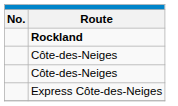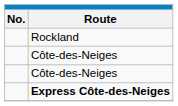 <table align=center class="wikitable">
 <tr>
 <th style="background: #0085CA; font-size:100%; color:#FFFFFF;"colspan="4"><a href='#'></a></th>
 </tr>
 <tr>
 <th>No.</th>
 <th>Route</th>
 </tr>
 <tr>
 <td></td>
-<td><strong>Rockland</strong></td>
+<td>Rockland</td>
 </tr>
 <tr>
 <td {{Avoid wrap> </td>
 <td>Côte-des-Neiges</td>
 </tr>
 <tr>
 <td {{Avoid wrap> </td>
 <td>Côte-des-Neiges</td>
 </tr>
 <tr>
 <td></td>
-<td>Express Côte-des-Neiges</td>
+<td><strong>Express Côte-des-Neiges</strong></td>
 </tr>
 <tr>
 </tr>
 </table>
